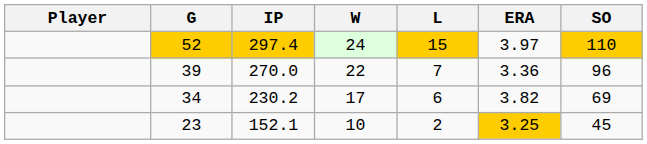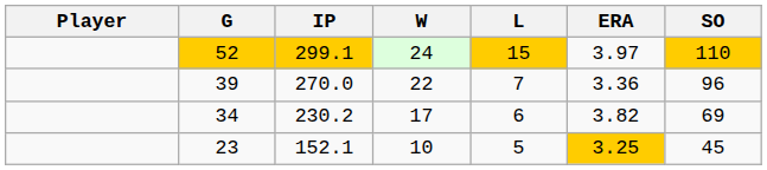 <table class="wikitable sortable">
 <tr>
 <th bgcolor="#DDDDFF" width="16%">Player</th>
 <th bgcolor="#DDDDFF" width="9%">G</th>
 <th bgcolor="#DDDDFF" width="9%">IP</th>
 <th bgcolor="#DDDDFF" width="9%">W</th>
 <th bgcolor="#DDDDFF" width="9%">L</th>
 <th bgcolor="#DDDDFF" width="9%">ERA</th>
 <th bgcolor="#DDDDFF" width="9%">SO</th>
 </tr>
 <tr align="center">
 <td></td>
 <td style="background:#fc0;">52</td>
-<td style="background:#fc0;">297.4</td>
+<td style="background:#fc0;">299.1</td>
 <td style="background:#DDFFDD;">24</td>
 <td style="background:#fc0;">15</td>
 <td>3.97</td>
 <td style="background:#fc0;">110</td>
 </tr>
 <tr align="center">
 <td></td>
 <td>39</td>
 <td>270.0</td>
 <td>22</td>
 <td>7</td>
 <td>3.36</td>
 <td>96</td>
 </tr>
 <tr align="center">
 <td></td>
 <td>34</td>
 <td>230.2</td>
 <td>17</td>
 <td>6</td>
 <td>3.82</td>
 <td>69</td>
 </tr>
 <tr align="center">
 <td></td>
 <td>23</td>
 <td>152.1</td>
 <td>10</td>
-<td>2</td>
+<td>5</td>
 <td style="background:#fc0;">3.25</td>
 <td>45</td>
 </tr>
 </table>
